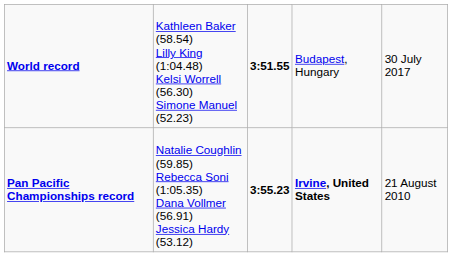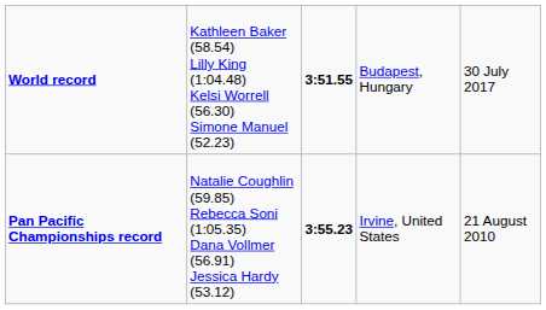 <table class="wikitable">
 <tr>
 <td><strong><a href='#'>World record</a></strong></td>
 <td><br><a href='#'>Kathleen Baker</a> (58.54)<br><a href='#'>Lilly King</a> (1:04.48)<br><a href='#'>Kelsi Worrell</a> (56.30)<br><a href='#'>Simone Manuel</a> (52.23)</td>
 <td><strong>3:51.55</strong></td>
 <td><a href='#'>Budapest</a>, Hungary</td>
 <td>30 July 2017</td>
 </tr>
 <tr>
 <td><strong><a href='#'>Pan Pacific Championships record</a></strong></td>
 <td><br><a href='#'>Natalie Coughlin</a> (59.85)<br><a href='#'>Rebecca Soni</a> (1:05.35)<br><a href='#'>Dana Vollmer</a> (56.91)<br><a href='#'>Jessica Hardy</a> (53.12)</td>
 <td><strong>3:55.23</strong></td>
-<td><strong><a href='#'>Irvine</a>, United States</strong></td>
+<td><a href='#'>Irvine</a>, United States</td>
 <td>21 August 2010</td>
 </tr>
 </table>
